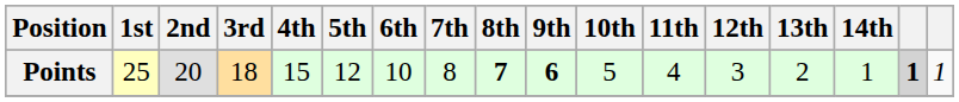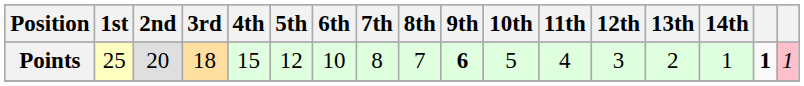 <table class="wikitable" style="font-size: 85%;">
 <tr>
 <th>Position</th>
 <th>1st</th>
 <th>2nd</th>
 <th>3rd</th>
 <th>4th</th>
 <th>5th</th>
 <th>6th</th>
 <th>7th</th>
 <th>8th</th>
 <th>9th</th>
 <th>10th</th>
 <th>11th</th>
 <th>12th</th>
 <th>13th</th>
 <th>14th</th>
 <th></th>
 <th></th>
 </tr>
 <tr align="center">
 <th>Points</th>
 <td style="background:#FFFFBF;">25</td>
 <td style="background:#DFDFDF;">20</td>
 <td style="background:#FFDF9F;">18</td>
 <td style="background:#DFFFDF;">15</td>
 <td style="background:#DFFFDF;">12</td>
 <td style="background:#DFFFDF;">10</td>
 <td style="background:#DFFFDF;">8</td>
-<td style="background:#DFFFDF;"><strong>7</strong></td>
+<td style="background:#DFFFDF;">7</td>
 <td style="background:#DFFFDF;"><strong>6</strong></td>
 <td style="background:#DFFFDF;">5</td>
 <td style="background:#DFFFDF;">4</td>
 <td style="background:#DFFFDF;">3</td>
 <td style="background:#DFFFDF;">2</td>
 <td style="background:#DFFFDF;">1</td>
-<td style="background: lightgrey;"><strong>1</strong></td>
-<td><em>1</em></td>
+<td><strong>1</strong></td>
+<td style="background: pink;"><em>1</em></td>
 </tr>
 <tr align="center">
 </tr>
 </table>
